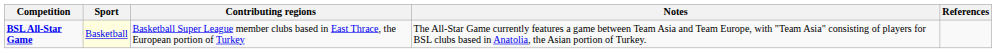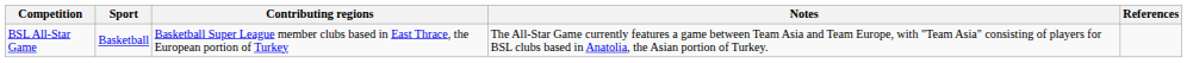 <table class=wikitable>
 <tr>
 <th>Competition</th>
 <th>Sport</th>
 <th>Contributing regions</th>
 <th>Notes</th>
 <th>References</th>
 </tr>
 <tr>
-<td><strong><a href='#'>BSL All-Star Game</a></strong></td>
-<td style="background: lightyellow;"><a href='#'>Basketball</a></td>
+<td><a href='#'>BSL All-Star Game</a></td>
+<td><a href='#'>Basketball</a></td>
 <td><a href='#'>Basketball Super League</a> member clubs based in <a href='#'>East Thrace</a>, the European portion of <a href='#'>Turkey</a></td>
 <td>The All-Star Game currently features a game between Team Asia and Team Europe, with "Team Asia" consisting of players for BSL clubs based in <a href='#'>Anatolia</a>, the Asian portion of Turkey.</td>
 <td></td>
 </tr>
 </table>
